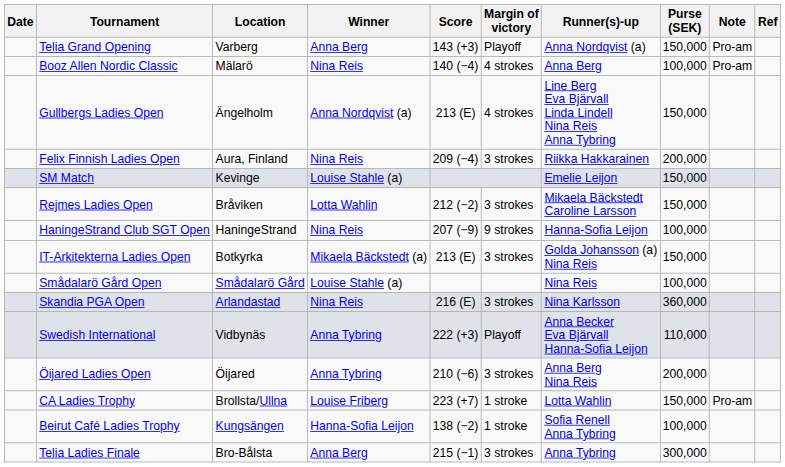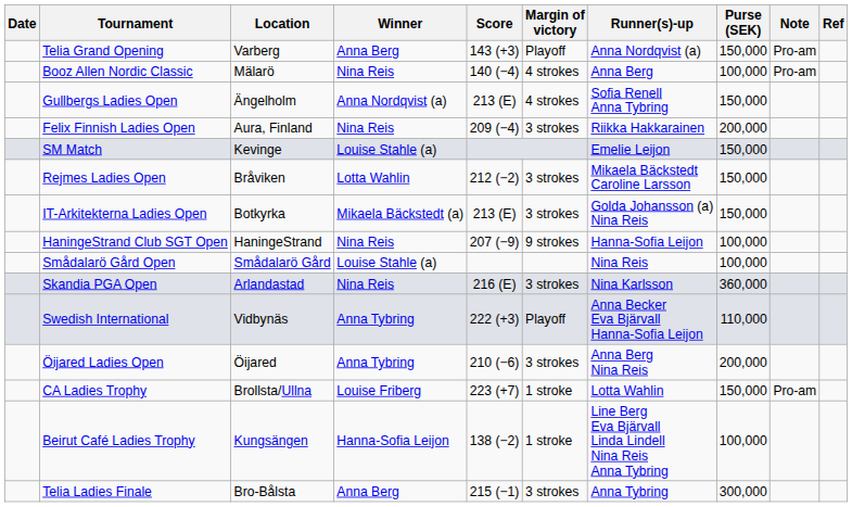 <table class="wikitable" style="font-size:95%;">
 <tr>
 <th>Date</th>
 <th>Tournament</th>
 <th>Location</th>
 <th>Winner</th>
 <th>Score</th>
 <th>Margin of<br>victory</th>
 <th>Runner(s)-up</th>
 <th>Purse<br>(SEK)</th>
 <th>Note</th>
 <th>Ref</th>
 </tr>
 <tr>
 <td></td>
 <td><a href='#'>Telia Grand Opening</a></td>
 <td>Varberg</td>
 <td> <a href='#'>Anna Berg</a></td>
 <td align=center>143 (+3)</td>
 <td>Playoff</td>
 <td> <a href='#'>Anna Nordqvist</a> (a)</td>
 <td align=right>150,000</td>
 <td>Pro-am</td>
 <td></td>
 </tr>
 <tr>
 <td></td>
 <td><a href='#'>Booz Allen Nordic Classic</a></td>
 <td>Mälarö</td>
 <td> <a href='#'>Nina Reis</a></td>
 <td align=center>140 (−4)</td>
 <td>4 strokes</td>
 <td> <a href='#'>Anna Berg</a></td>
 <td align=right>100,000</td>
 <td>Pro-am</td>
 <td></td>
 </tr>
 <tr>
 <td></td>
 <td><a href='#'>Gullbergs Ladies Open</a></td>
 <td>Ängelholm</td>
 <td> <a href='#'>Anna Nordqvist</a> (a)</td>
 <td align=center>213 (E)</td>
 <td>4 strokes</td>
-<td> <a href='#'>Line Berg</a><br> <a href='#'>Eva Bjärvall</a><br> <a href='#'>Linda Lindell</a><br> <a href='#'>Nina Reis</a><br> <a href='#'>Anna Tybring</a></td>
+<td> <a href='#'>Sofia Renell</a><br> <a href='#'>Anna Tybring</a></td>
 <td align=right>150,000</td>
 <td></td>
 <td></td>
 </tr>
 <tr>
 <td></td>
 <td><a href='#'>Felix Finnish Ladies Open</a></td>
 <td>Aura, Finland</td>
 <td> <a href='#'>Nina Reis</a></td>
 <td>209 (−4)</td>
 <td>3 strokes</td>
 <td> <a href='#'>Riikka Hakkarainen</a></td>
 <td align=right>200,000</td>
 <td></td>
 <td></td>
 </tr>
 <tr style="background:#dfe2e9;">
 <td></td>
 <td><a href='#'>SM Match</a></td>
 <td>Kevinge</td>
 <td> <a href='#'>Louise Stahle</a> (a)</td>
 <td colspan=2 align=center></td>
 <td> <a href='#'>Emelie Leijon</a></td>
 <td align=right>150,000</td>
 <td></td>
 <td></td>
 </tr>
 <tr>
 <td></td>
 <td><a href='#'>Rejmes Ladies Open</a></td>
 <td>Bråviken</td>
 <td> <a href='#'>Lotta Wahlin</a></td>
 <td align=center>212 (−2)</td>
 <td>3 strokes</td>
 <td> <a href='#'>Mikaela Bäckstedt</a><br> <a href='#'>Caroline Larsson</a></td>
 <td align=right>150,000</td>
 <td></td>
 <td></td>
 </tr>
 <tr>
 <td></td>
+<td><a href='#'>IT-Arkitekterna Ladies Open</a></td>
+<td>Botkyrka</td>
+<td> <a href='#'>Mikaela Bäckstedt</a> (a)</td>
+<td align=center>213 (E)</td>
+<td>3 strokes</td>
+<td> <a href='#'>Golda Johansson</a> (a)<br> <a href='#'>Nina Reis</a></td>
+<td align=right>150,000</td>
+<td></td>
+<td></td>
+</tr>
+<tr>
+<td></td>
 <td><a href='#'>HaningeStrand Club SGT Open</a></td>
 <td>HaningeStrand</td>
 <td> <a href='#'>Nina Reis</a></td>
 <td align=center>207 (−9)</td>
 <td>9 strokes</td>
 <td> <a href='#'>Hanna-Sofia Leijon</a></td>
 <td align=right>100,000</td>
-<td></td>
-<td></td>
-</tr>
-<tr>
-<td></td>
-<td><a href='#'>IT-Arkitekterna Ladies Open</a></td>
-<td>Botkyrka</td>
-<td> <a href='#'>Mikaela Bäckstedt</a> (a)</td>
-<td align=center>213 (E)</td>
-<td>3 strokes</td>
-<td> <a href='#'>Golda Johansson</a> (a)<br> <a href='#'>Nina Reis</a></td>
-<td align=right>150,000</td>
 <td></td>
 <td></td>
 </tr>
 <tr>
 <td></td>
 <td><a href='#'>Smådalarö Gård Open</a></td>
 <td><a href='#'>Smådalarö Gård</a></td>
 <td> <a href='#'>Louise Stahle</a> (a)</td>
 <td align=center></td>
 <td></td>
 <td> <a href='#'>Nina Reis</a></td>
 <td align=right>100,000</td>
 <td></td>
 <td></td>
 </tr>
 <tr style="background:#dfe2e9;">
 <td></td>
 <td><a href='#'>Skandia PGA Open</a></td>
 <td><a href='#'>Arlandastad</a></td>
 <td> <a href='#'>Nina Reis</a></td>
 <td align=center>216 (E)</td>
 <td>3 strokes</td>
 <td> <a href='#'>Nina Karlsson</a></td>
 <td align=right>360,000</td>
 <td></td>
 <td></td>
 </tr>
 <tr style="background:#dfe2e9;">
 <td></td>
 <td><a href='#'>Swedish International</a></td>
 <td>Vidbynäs</td>
 <td> <a href='#'>Anna Tybring</a></td>
 <td align=center>222 (+3)</td>
 <td>Playoff</td>
 <td> <a href='#'>Anna Becker</a><br> <a href='#'>Eva Bjärvall</a><br> <a href='#'>Hanna-Sofia Leijon</a></td>
 <td align=right>110,000</td>
 <td></td>
 <td></td>
 </tr>
 <tr>
 <td></td>
 <td><a href='#'>Öijared Ladies Open</a></td>
 <td>Öijared</td>
 <td> <a href='#'>Anna Tybring</a></td>
 <td align=center>210 (−6)</td>
 <td>3 strokes</td>
 <td> <a href='#'>Anna Berg</a><br> <a href='#'>Nina Reis</a></td>
 <td align=right>200,000</td>
 <td></td>
 <td></td>
 </tr>
 <tr>
 <td></td>
 <td><a href='#'>CA Ladies Trophy</a></td>
 <td>Brollsta/<a href='#'>Ullna</a></td>
 <td> <a href='#'>Louise Friberg</a></td>
 <td align=center>223 (+7)</td>
 <td>1 stroke</td>
 <td> <a href='#'>Lotta Wahlin</a></td>
 <td align=right>150,000</td>
 <td>Pro-am</td>
 <td></td>
 </tr>
 <tr>
 <td></td>
 <td><a href='#'>Beirut Café Ladies Trophy</a></td>
 <td><a href='#'>Kungsängen</a></td>
 <td> <a href='#'>Hanna-Sofia Leijon</a></td>
 <td align=center>138 (−2)</td>
 <td>1 stroke</td>
-<td> <a href='#'>Sofia Renell</a><br> <a href='#'>Anna Tybring</a></td>
+<td> <a href='#'>Line Berg</a><br> <a href='#'>Eva Bjärvall</a><br> <a href='#'>Linda Lindell</a><br> <a href='#'>Nina Reis</a><br> <a href='#'>Anna Tybring</a></td>
 <td align=right>100,000</td>
 <td></td>
 <td></td>
 </tr>
 <tr>
 <td></td>
 <td><a href='#'>Telia Ladies Finale</a></td>
 <td>Bro-Bålsta</td>
 <td> <a href='#'>Anna Berg</a></td>
 <td align=center>215 (−1)</td>
 <td>3 strokes</td>
 <td> <a href='#'>Anna Tybring</a></td>
 <td align=right>300,000</td>
 <td></td>
 <td></td>
 </tr>
 </table>
